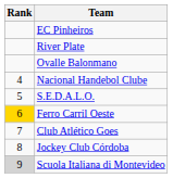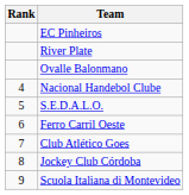 <table class="wikitable">
 <tr>
 <th>Rank</th>
 <th>Team</th>
 </tr>
 <tr>
 <td align=center></td>
 <td> <a href='#'>EC Pinheiros</a></td>
 </tr>
 <tr>
 <td align=center></td>
 <td> <a href='#'>River Plate</a></td>
 </tr>
 <tr>
 <td align=center></td>
 <td> <a href='#'>Ovalle Balonmano</a></td>
 </tr>
 <tr>
 <td align=center>4</td>
 <td> <a href='#'>Nacional Handebol Clube</a></td>
 </tr>
 <tr>
 <td align=center>5</td>
 <td> <a href='#'>S.E.D.A.L.O.</a></td>
 </tr>
 <tr>
-<td align=center style="background: gold;">6</td>
+<td align=center>6</td>
 <td> <a href='#'>Ferro Carril Oeste</a></td>
 </tr>
 <tr>
 <td align=center>7</td>
 <td> <a href='#'>Club Atlético Goes</a></td>
 </tr>
 <tr>
 <td align=center>8</td>
 <td> <a href='#'>Jockey Club Córdoba</a></td>
 </tr>
 <tr>
-<td align=center style="background: lightgrey;">9</td>
+<td align=center>9</td>
 <td> <a href='#'>Scuola Italiana di Montevideo</a></td>
 </tr>
 </table>
